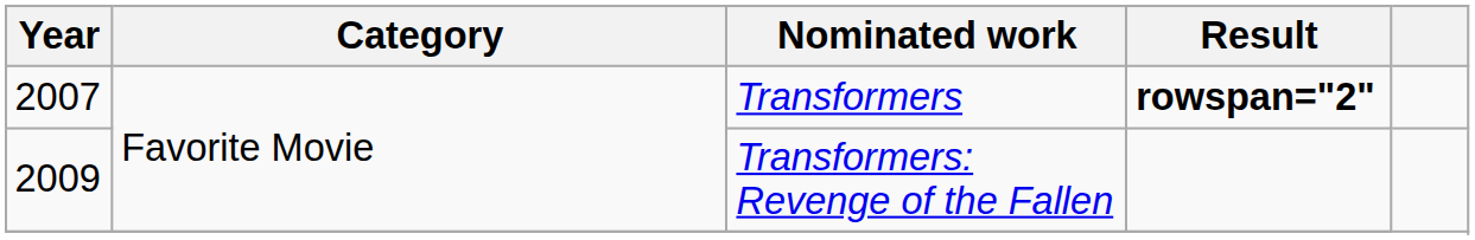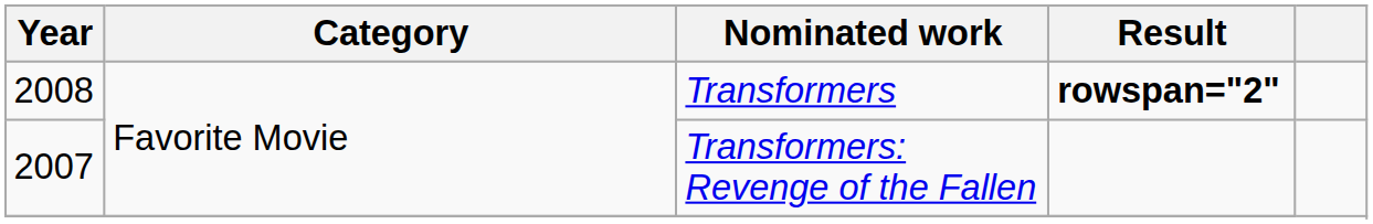 <table class=wikitable>
 <tr>
 <th width=4%>Year</th>
 <th width=40%>Category</th>
 <th width=26%>Nominated work</th>
 <th width=10%>Result</th>
 <th width=5%></th>
 </tr>
 <tr>
-<td>2007</td>
+<td>2008</td>
 <td rowspan="2">Favorite Movie</td>
 <td><em><a href='#'>Transformers</a></em></td>
 <td><strong>rowspan="2" </strong></td>
 <td></td>
 </tr>
 <tr>
-<td>2009</td>
+<td>2007</td>
 <td><em><a href='#'>Transformers: Revenge of the Fallen</a></em></td>
 <td></td>
 </tr>
 <tr>
 </tr>
 </table>
